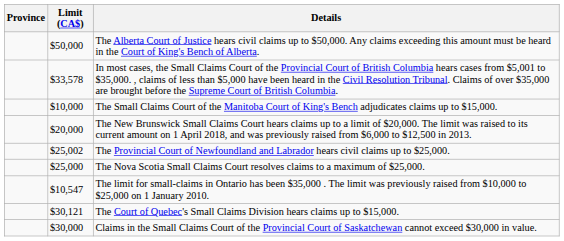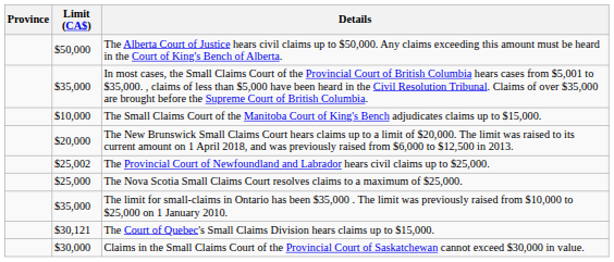 <table class="wikitable sortable">
 <tr>
 <th>Province</th>
 <th>Limit (<a href='#'>CA$</a>)</th>
 <th class="unsortable">Details</th>
 </tr>
 <tr>
 <td></td>
 <td>$50,000</td>
 <td>The <a href='#'>Alberta Court of Justice</a> hears civil claims up to $50,000. Any claims exceeding this amount must be heard in the <a href='#'>Court of King's Bench of Alberta</a>.</td>
 </tr>
 <tr>
 <td></td>
-<td>$33,578</td>
+<td>$35,000</td>
 <td>In most cases, the Small Claims Court of the <a href='#'>Provincial Court of British Columbia</a> hears cases from $5,001 to $35,000. , claims of less than $5,000 have been heard in the <a href='#'>Civil Resolution Tribunal</a>. Claims of over $35,000 are brought before the <a href='#'>Supreme Court of British Columbia</a>.</td>
 </tr>
 <tr>
 <td></td>
 <td>$10,000</td>
 <td>The Small Claims Court of the <a href='#'>Manitoba Court of King's Bench</a> adjudicates claims up to $15,000.</td>
 </tr>
 <tr>
 <td></td>
 <td>$20,000</td>
 <td>The New Brunswick Small Claims Court hears claims up to a limit of $20,000. The limit was raised to its current amount on 1 April 2018, and was previously raised from $6,000 to $12,500 in 2013.</td>
 </tr>
 <tr>
 <td></td>
 <td>$25,002</td>
 <td>The <a href='#'>Provincial Court of Newfoundland and Labrador</a> hears civil claims up to $25,000.</td>
 </tr>
 <tr>
 <td></td>
 <td>$25,000</td>
 <td>The Nova Scotia Small Claims Court resolves claims to a maximum of $25,000.</td>
 </tr>
 <tr>
 <td></td>
-<td>$10,547</td>
+<td>$35,000</td>
 <td>The limit for small-claims in Ontario has been $35,000 . The limit was previously raised from $10,000 to $25,000 on 1 January 2010.</td>
 </tr>
 <tr>
 <td></td>
 <td>$30,121</td>
 <td>The <a href='#'>Court of Quebec</a>'s Small Claims Division hears claims up to $15,000.</td>
 </tr>
 <tr>
 <td></td>
 <td>$30,000</td>
 <td>Claims in the Small Claims Court of the <a href='#'>Provincial Court of Saskatchewan</a> cannot exceed $30,000 in value.</td>
 </tr>
 </table>
